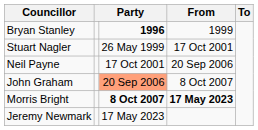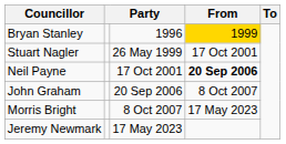 <table class=wikitable>
 <tr>
 <th>Councillor</th>
 <th colspan=2>Party</th>
 <th>From</th>
 <th>To</th>
 </tr>
 <tr>
 <td>Bryan Stanley</td>
 <td></td>
-<td align=right><strong>1996</strong></td>
-<td align=right>1999</td>
+<td align=right>1996</td>
+<td align=right style="background: gold;">1999</td>
 </tr>
 <tr>
 <td>Stuart Nagler</td>
 <td></td>
 <td align=right>26 May 1999</td>
 <td align=right>17 Oct 2001</td>
 </tr>
 <tr>
 <td>Neil Payne</td>
 <td></td>
 <td align=right>17 Oct 2001</td>
-<td align=right>20 Sep 2006</td>
+<td align=right><strong>20 Sep 2006</strong></td>
 </tr>
 <tr>
 <td>John Graham</td>
 <td></td>
-<td align=right style="background: lightsalmon;">20 Sep 2006</td>
+<td align=right>20 Sep 2006</td>
 <td align=right>8 Oct 2007</td>
 </tr>
 <tr>
 <td>Morris Bright</td>
 <td></td>
-<td align=right><strong>8 Oct 2007</strong></td>
-<td align=right><strong>17 May 2023</strong></td>
+<td align=right>8 Oct 2007</td>
+<td align=right>17 May 2023</td>
 </tr>
 <tr>
 <td>Jeremy Newmark</td>
 <td></td>
 <td align=right>17 May 2023</td>
 <td align=right></td>
 </tr>
 </table>
